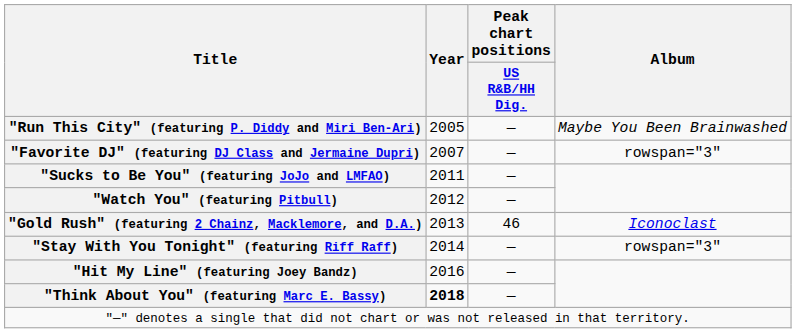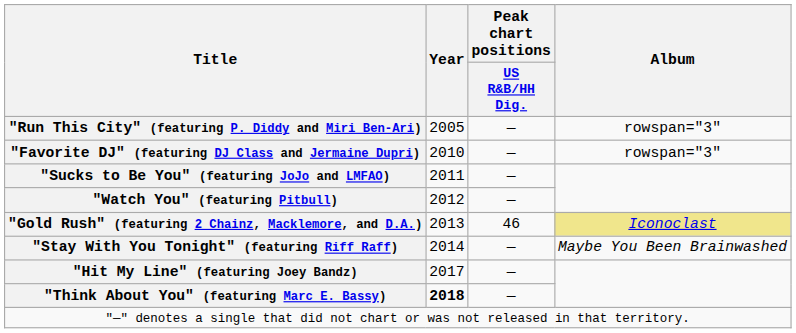 <table class="wikitable plainrowheaders" style="text-align:center;">
 <tr>
 <th scope="col" rowspan="2">Title</th>
 <th scope="col" rowspan="2">Year</th>
 <th scope="col" colspan="1">Peak chart positions</th>
 <th scope="col" rowspan="2">Album</th>
 </tr>
 <tr>
 <th scope="col" style="width:3em;font-size:90%;"><a href='#'>US<br>R&B/HH<br>Dig.</a><br></th>
 </tr>
 <tr>
 <th scope="row">"Run This City" <small>(featuring <a href='#'>P. Diddy</a> and <a href='#'>Miri Ben-Ari</a>)</small></th>
 <td>2005</td>
 <td>—</td>
-<td><em>Maybe You Been Brainwashed</em></td>
+<td>rowspan="3" </td>
 </tr>
 <tr>
 <th scope="row">"Favorite DJ" <small>(featuring <a href='#'>DJ Class</a> and <a href='#'>Jermaine Dupri</a>)</small></th>
-<td>2007</td>
+<td>2010</td>
 <td>—</td>
 <td>rowspan="3" </td>
 </tr>
 <tr>
 <th scope="row">"Sucks to Be You" <small>(featuring <a href='#'>JoJo</a> and <a href='#'>LMFAO</a>)</small></th>
 <td>2011</td>
 <td>—</td>
 </tr>
 <tr>
 <th scope="row">"Watch You" <small>(featuring <a href='#'>Pitbull</a>)</small></th>
 <td>2012</td>
 <td>—</td>
 </tr>
 <tr>
 <th scope="row">"Gold Rush" <small>(featuring <a href='#'>2 Chainz</a>, <a href='#'>Macklemore</a>, and <a href='#'>D.A.</a>)</small></th>
 <td>2013</td>
 <td>46</td>
-<td><em><a href='#'>Iconoclast</a></em></td>
+<td style="background: khaki;"><em><a href='#'>Iconoclast</a></em></td>
 </tr>
 <tr>
 <th scope="row">"Stay With You Tonight" <small>(featuring <a href='#'>Riff Raff</a>)</small></th>
 <td>2014</td>
 <td>—</td>
-<td>rowspan="3" </td>
+<td><em>Maybe You Been Brainwashed</em></td>
 </tr>
 <tr>
 <th scope="row">"Hit My Line" <small>(featuring Joey Bandz)</small></th>
-<td>2016</td>
+<td>2017</td>
 <td>—</td>
 </tr>
 <tr>
 <th scope="row">"Think About You" <small>(featuring <a href='#'>Marc E. Bassy</a>)</small></th>
 <td><strong>2018</strong></td>
 <td>—</td>
 </tr>
 <tr>
 <td colspan="10" style="font-size:85%">"—" denotes a single that did not chart or was not released in that territory.</td>
 </tr>
 </table>
